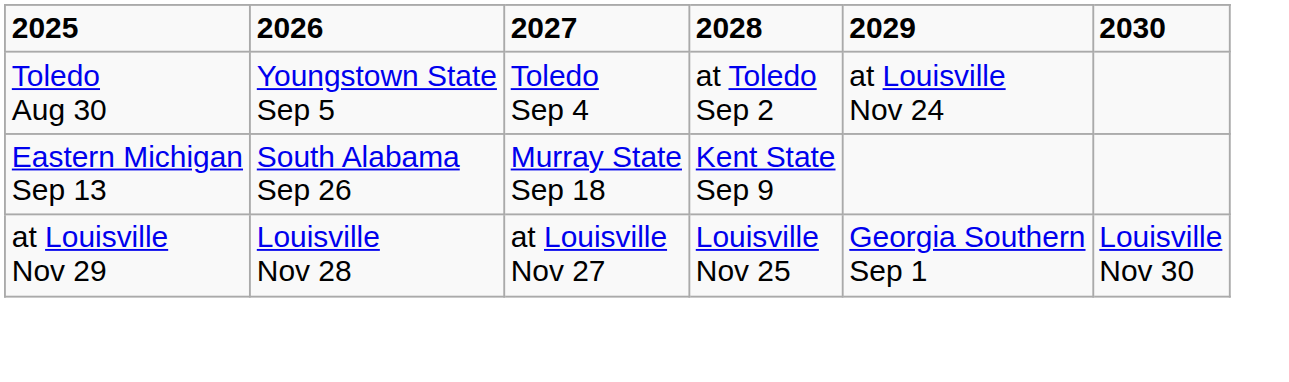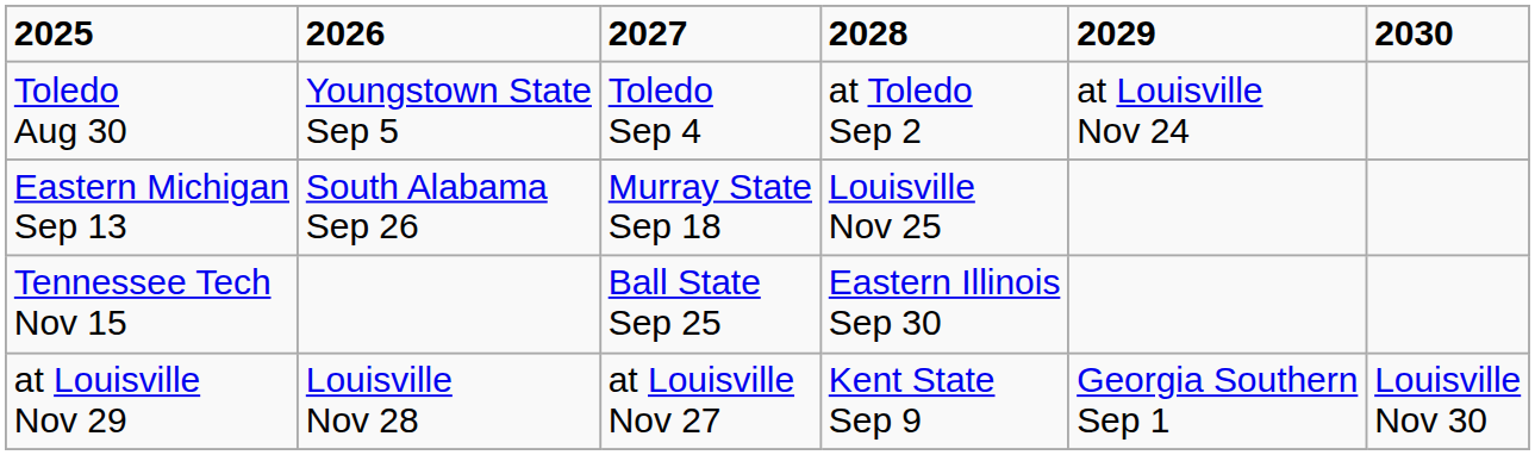 <table class="wikitable">
 <tr>
 <td><strong>2025</strong></td>
 <td><strong>2026</strong></td>
 <td><strong>2027</strong></td>
 <td><strong>2028</strong></td>
 <td><strong>2029</strong></td>
 <td><strong>2030</strong></td>
 </tr>
 <tr>
 <td><a href='#'>Toledo</a> <br> Aug 30</td>
 <td><a href='#'>Youngstown State</a> <br>Sep 5</td>
 <td><a href='#'>Toledo</a> <br> Sep 4</td>
 <td>at <a href='#'>Toledo</a> <br> Sep 2</td>
 <td>at <a href='#'>Louisville</a> <br> Nov 24</td>
 <td></td>
 </tr>
 <tr>
 <td><a href='#'>Eastern Michigan</a> <br> Sep 13</td>
 <td><a href='#'>South Alabama</a> <br> Sep 26</td>
 <td><a href='#'>Murray State</a> <br> Sep 18</td>
-<td><a href='#'>Kent State</a> <br> Sep 9</td>
+<td><a href='#'>Louisville</a> <br> Nov 25</td>
+<td></td>
+<td></td>
+</tr>
+<tr>
+<td><a href='#'>Tennessee Tech</a> <br> Nov 15</td>
+<td></td>
+<td><a href='#'>Ball State</a> <br> Sep 25</td>
+<td><a href='#'>Eastern Illinois</a> <br> Sep 30</td>
 <td></td>
 <td></td>
 </tr>
 <tr>
 <td>at <a href='#'>Louisville</a> <br> Nov 29</td>
 <td><a href='#'>Louisville</a> <br> Nov 28</td>
 <td>at <a href='#'>Louisville</a> <br> Nov 27</td>
-<td><a href='#'>Louisville</a> <br> Nov 25</td>
+<td><a href='#'>Kent State</a> <br> Sep 9</td>
 <td><a href='#'>Georgia Southern</a> <br> Sep 1</td>
 <td><a href='#'>Louisville</a> <br> Nov 30</td>
 </tr>
 </table>
